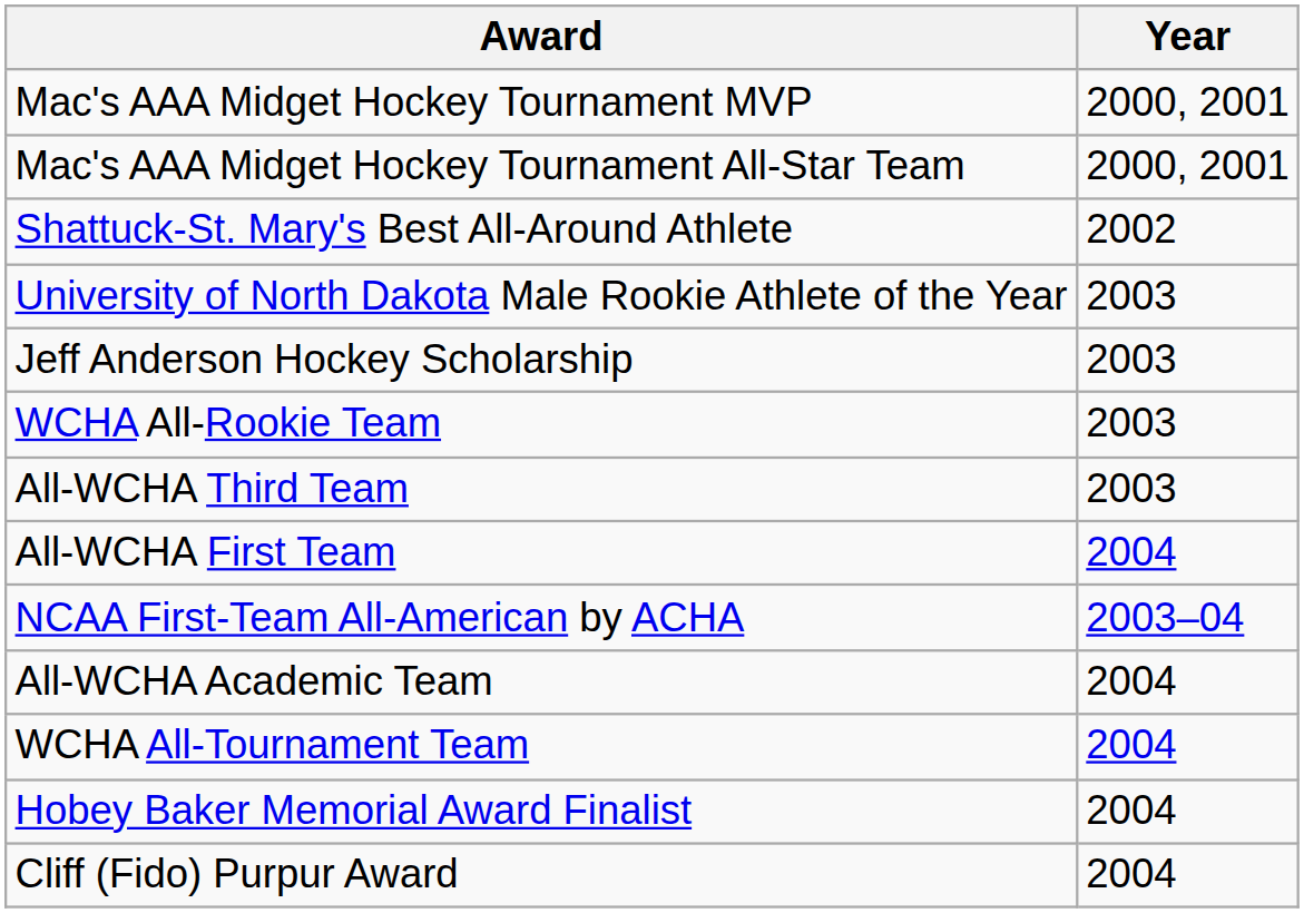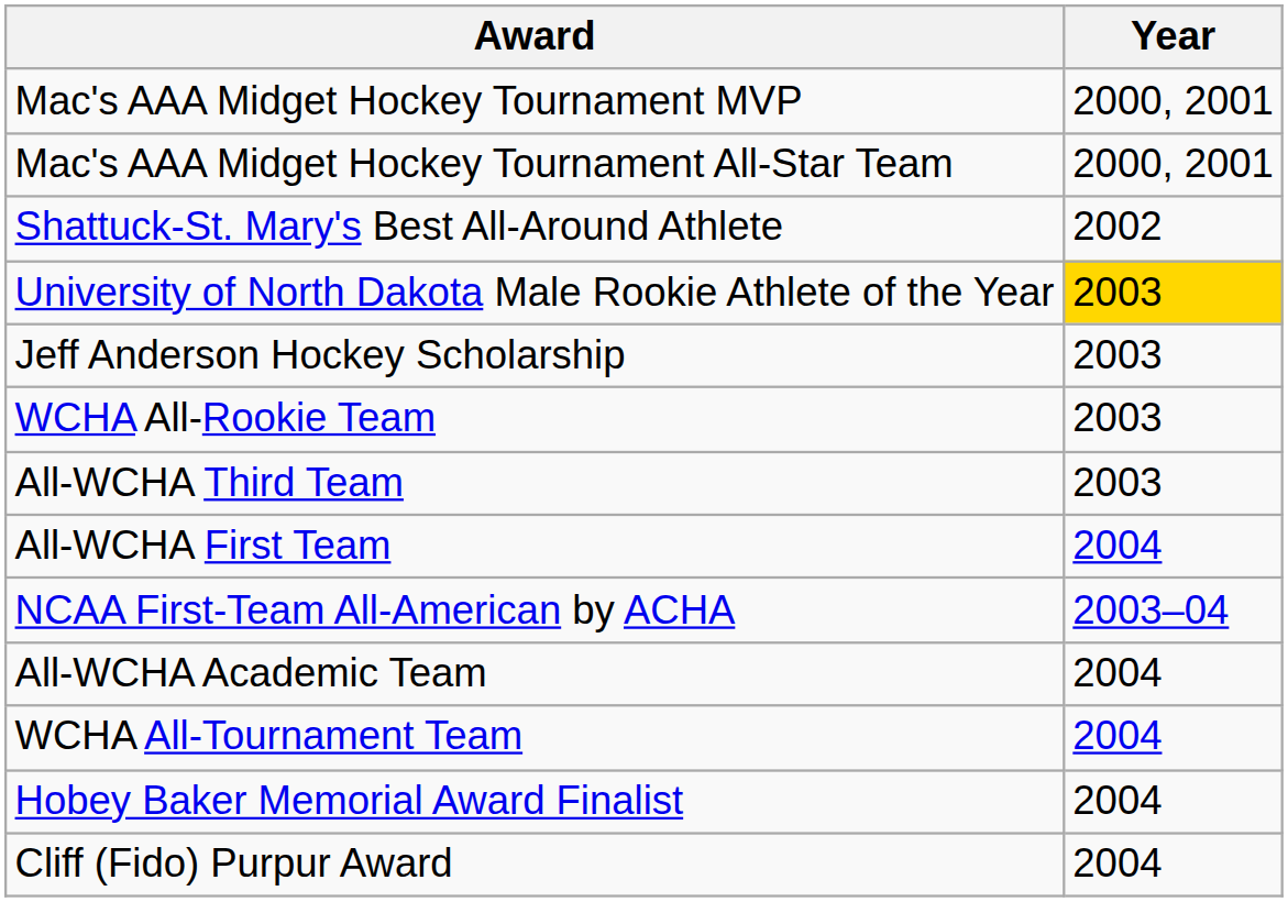 <table class="wikitable">
 <tr>
 <th>Award</th>
 <th>Year</th>
 </tr>
 <tr>
 <td>Mac's AAA Midget Hockey Tournament MVP</td>
 <td>2000, 2001</td>
 </tr>
 <tr>
 <td>Mac's AAA Midget Hockey Tournament All-Star Team</td>
 <td>2000, 2001</td>
 </tr>
 <tr>
 <td><a href='#'>Shattuck-St. Mary's</a> Best All-Around Athlete</td>
 <td>2002</td>
 </tr>
 <tr>
 <td><a href='#'>University of North Dakota</a> Male Rookie Athlete of the Year</td>
-<td>2003</td>
+<td style="background: gold;">2003</td>
 </tr>
 <tr>
 <td>Jeff Anderson Hockey Scholarship</td>
 <td>2003</td>
 </tr>
 <tr>
 <td><a href='#'>WCHA</a> All-<a href='#'>Rookie Team</a></td>
 <td>2003</td>
 </tr>
 <tr>
 <td>All-WCHA <a href='#'>Third Team</a></td>
 <td>2003</td>
 </tr>
 <tr>
 <td>All-WCHA <a href='#'>First Team</a></td>
 <td><a href='#'>2004</a></td>
 </tr>
 <tr>
 <td><a href='#'>NCAA First-Team All-American</a> by <a href='#'>ACHA</a></td>
 <td><a href='#'>2003–04</a></td>
 </tr>
 <tr>
 <td>All-WCHA Academic Team</td>
 <td>2004</td>
 </tr>
 <tr>
 <td>WCHA <a href='#'>All-Tournament Team</a></td>
 <td><a href='#'>2004</a></td>
 </tr>
 <tr>
 <td><a href='#'>Hobey Baker Memorial Award Finalist</a></td>
 <td>2004</td>
 </tr>
 <tr>
 <td>Cliff (Fido) Purpur Award</td>
 <td>2004</td>
 </tr>
 </table>
